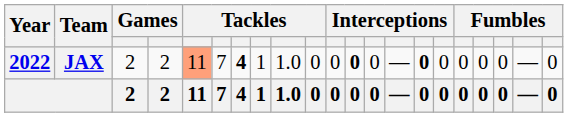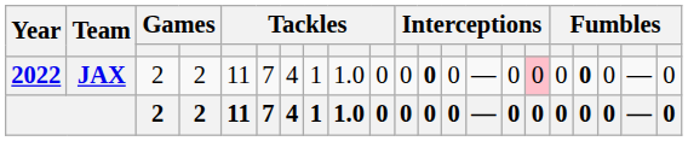 <table class="wikitable" style="text-align: center;">
 <tr>
 <th rowspan="2">Year</th>
 <th rowspan="2">Team</th>
 <th colspan="2">Games</th>
 <th colspan="6">Tackles</th>
 <th colspan="6">Interceptions</th>
 <th colspan="5">Fumbles</th>
 </tr>
 <tr>
 <th></th>
 <th></th>
 <th></th>
 <th></th>
 <th></th>
 <th></th>
 <th></th>
 <th></th>
 <th></th>
 <th></th>
 <th></th>
 <th></th>
 <th></th>
 <th></th>
 <th></th>
 <th></th>
 <th></th>
 <th></th>
 <th></th>
 </tr>
 <tr>
 <th><a href='#'>2022</a></th>
 <th><a href='#'>JAX</a></th>
 <td>2</td>
 <td>2</td>
-<td style="background: lightsalmon;">11</td>
+<td>11</td>
 <td>7</td>
-<td><strong>4</strong></td>
+<td>4</td>
 <td>1</td>
 <td>1.0</td>
 <td>0</td>
 <td>0</td>
 <td><strong>0</strong></td>
 <td>0</td>
 <td>—</td>
+<td>0</td>
+<td style="background: pink;">0</td>
+<td>0</td>
 <td><strong>0</strong></td>
-<td>0</td>
-<td>0</td>
-<td>0</td>
 <td>0</td>
 <td>—</td>
 <td>0</td>
 </tr>
 <tr>
 <th colspan="2"></th>
 <th>2</th>
 <th>2</th>
 <th>11</th>
 <th>7</th>
 <th>4</th>
 <th>1</th>
 <th>1.0</th>
 <th>0</th>
 <th>0</th>
 <th>0</th>
 <th>0</th>
 <th>—</th>
 <th>0</th>
 <th>0</th>
 <th>0</th>
 <th>0</th>
 <th>0</th>
 <th>—</th>
 <th>0</th>
 </tr>
 </table>
